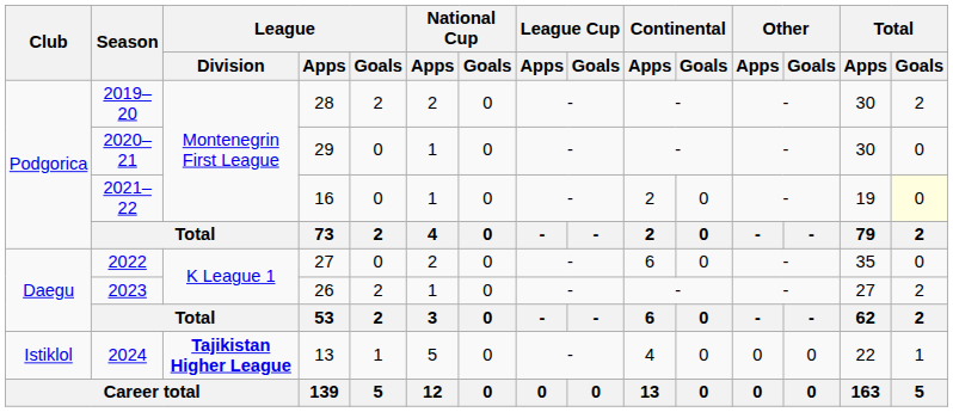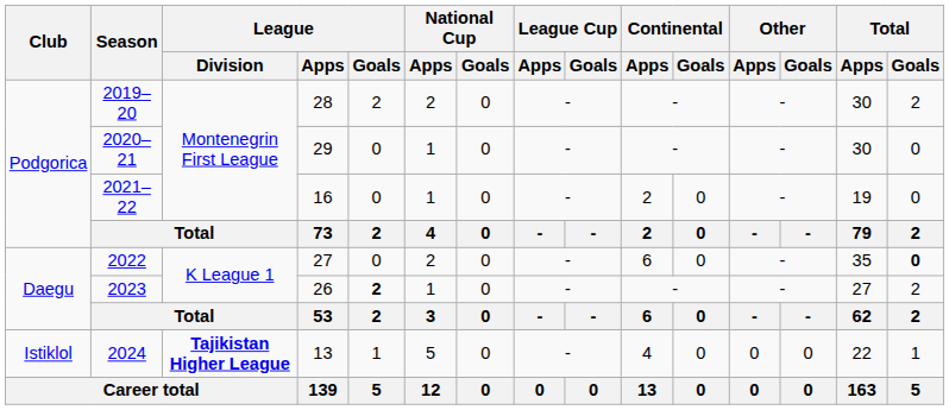 <table class="wikitable" style="text-align: center;">
 <tr>
 <th rowspan="2">Club</th>
 <th rowspan="2">Season</th>
 <th colspan="3">League</th>
 <th colspan="2">National Cup</th>
 <th colspan="2">League Cup</th>
 <th colspan="2">Continental</th>
 <th colspan="2">Other</th>
 <th colspan="2">Total</th>
 </tr>
 <tr>
 <th>Division</th>
 <th>Apps</th>
 <th>Goals</th>
 <th>Apps</th>
 <th>Goals</th>
 <th>Apps</th>
 <th>Goals</th>
 <th>Apps</th>
 <th>Goals</th>
 <th>Apps</th>
 <th>Goals</th>
 <th>Apps</th>
 <th>Goals</th>
 </tr>
 <tr>
 <td rowspan="4" valign="center"><a href='#'>Podgorica</a></td>
 <td><a href='#'>2019–20</a></td>
 <td rowspan="3" valign="center"><a href='#'>Montenegrin First League</a></td>
 <td>28</td>
 <td>2</td>
 <td>2</td>
 <td>0</td>
 <td colspan="2">-</td>
 <td colspan="2">-</td>
 <td colspan="2">-</td>
 <td>30</td>
 <td>2</td>
 </tr>
 <tr>
 <td><a href='#'>2020–21</a></td>
 <td>29</td>
 <td>0</td>
 <td>1</td>
 <td>0</td>
 <td colspan="2">-</td>
 <td colspan="2">-</td>
 <td colspan="2">-</td>
 <td>30</td>
 <td>0</td>
 </tr>
 <tr>
 <td><a href='#'>2021–22</a></td>
 <td>16</td>
 <td>0</td>
 <td>1</td>
 <td>0</td>
 <td colspan="2">-</td>
 <td>2</td>
 <td>0</td>
 <td colspan="2">-</td>
 <td>19</td>
-<td style="background: lightyellow;">0</td>
+<td>0</td>
 </tr>
 <tr>
 <th colspan="2">Total</th>
 <th>73</th>
 <th>2</th>
 <th>4</th>
 <th>0</th>
 <th>-</th>
 <th>-</th>
 <th>2</th>
 <th>0</th>
 <th>-</th>
 <th>-</th>
 <th>79</th>
 <th>2</th>
 </tr>
 <tr>
 <td rowspan="3" valign="center"><a href='#'>Daegu</a></td>
 <td><a href='#'>2022</a></td>
 <td rowspan="2" valign="center"><a href='#'>K League 1</a></td>
 <td>27</td>
 <td>0</td>
 <td>2</td>
 <td>0</td>
 <td colspan="2">-</td>
 <td>6</td>
 <td>0</td>
 <td colspan="2">-</td>
 <td>35</td>
-<td>0</td>
+<td><strong>0</strong></td>
 </tr>
 <tr>
 <td><a href='#'>2023</a></td>
 <td>26</td>
-<td>2</td>
+<td><strong>2</strong></td>
 <td>1</td>
 <td>0</td>
 <td colspan="2">-</td>
 <td colspan="2">-</td>
 <td colspan="2">-</td>
 <td>27</td>
 <td>2</td>
 </tr>
 <tr>
 <th colspan="2">Total</th>
 <th>53</th>
 <th>2</th>
 <th>3</th>
 <th>0</th>
 <th>-</th>
 <th>-</th>
 <th>6</th>
 <th>0</th>
 <th>-</th>
 <th>-</th>
 <th>62</th>
 <th>2</th>
 </tr>
 <tr>
 <td rowspan="1" valign="center"><a href='#'>Istiklol</a></td>
 <td><a href='#'>2024</a></td>
 <td rowspan="1" valign="center"><strong><a href='#'>Tajikistan Higher League</a></strong></td>
 <td>13</td>
 <td>1</td>
 <td>5</td>
 <td>0</td>
 <td colspan="2">-</td>
 <td>4</td>
 <td>0</td>
 <td>0</td>
 <td>0</td>
 <td>22</td>
 <td>1</td>
 </tr>
 <tr>
 <th colspan="3">Career total</th>
 <th>139</th>
 <th>5</th>
 <th>12</th>
 <th>0</th>
 <th>0</th>
 <th>0</th>
 <th>13</th>
 <th>0</th>
 <th>0</th>
 <th>0</th>
 <th>163</th>
 <th>5</th>
 </tr>
 </table>
